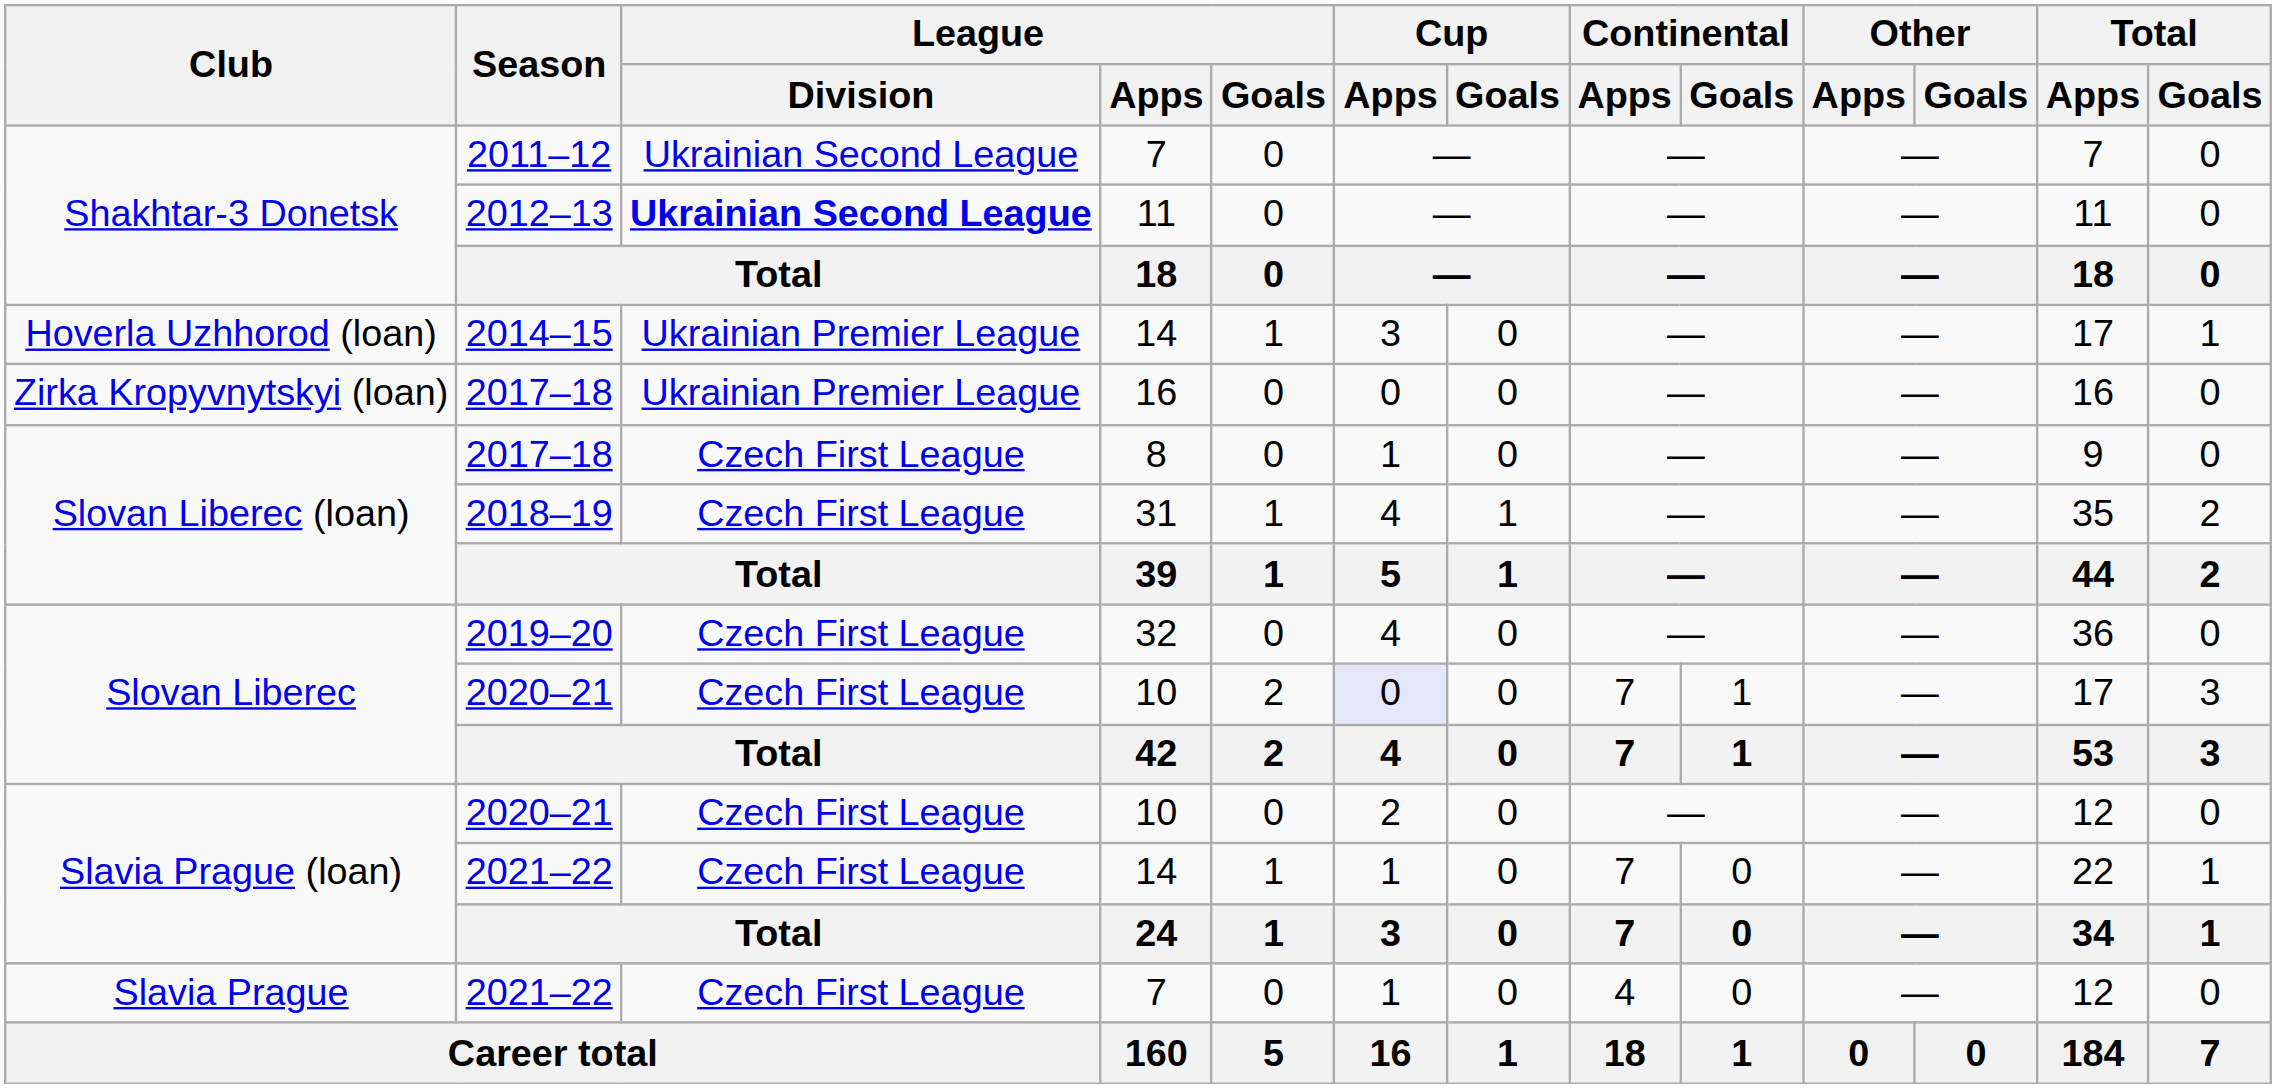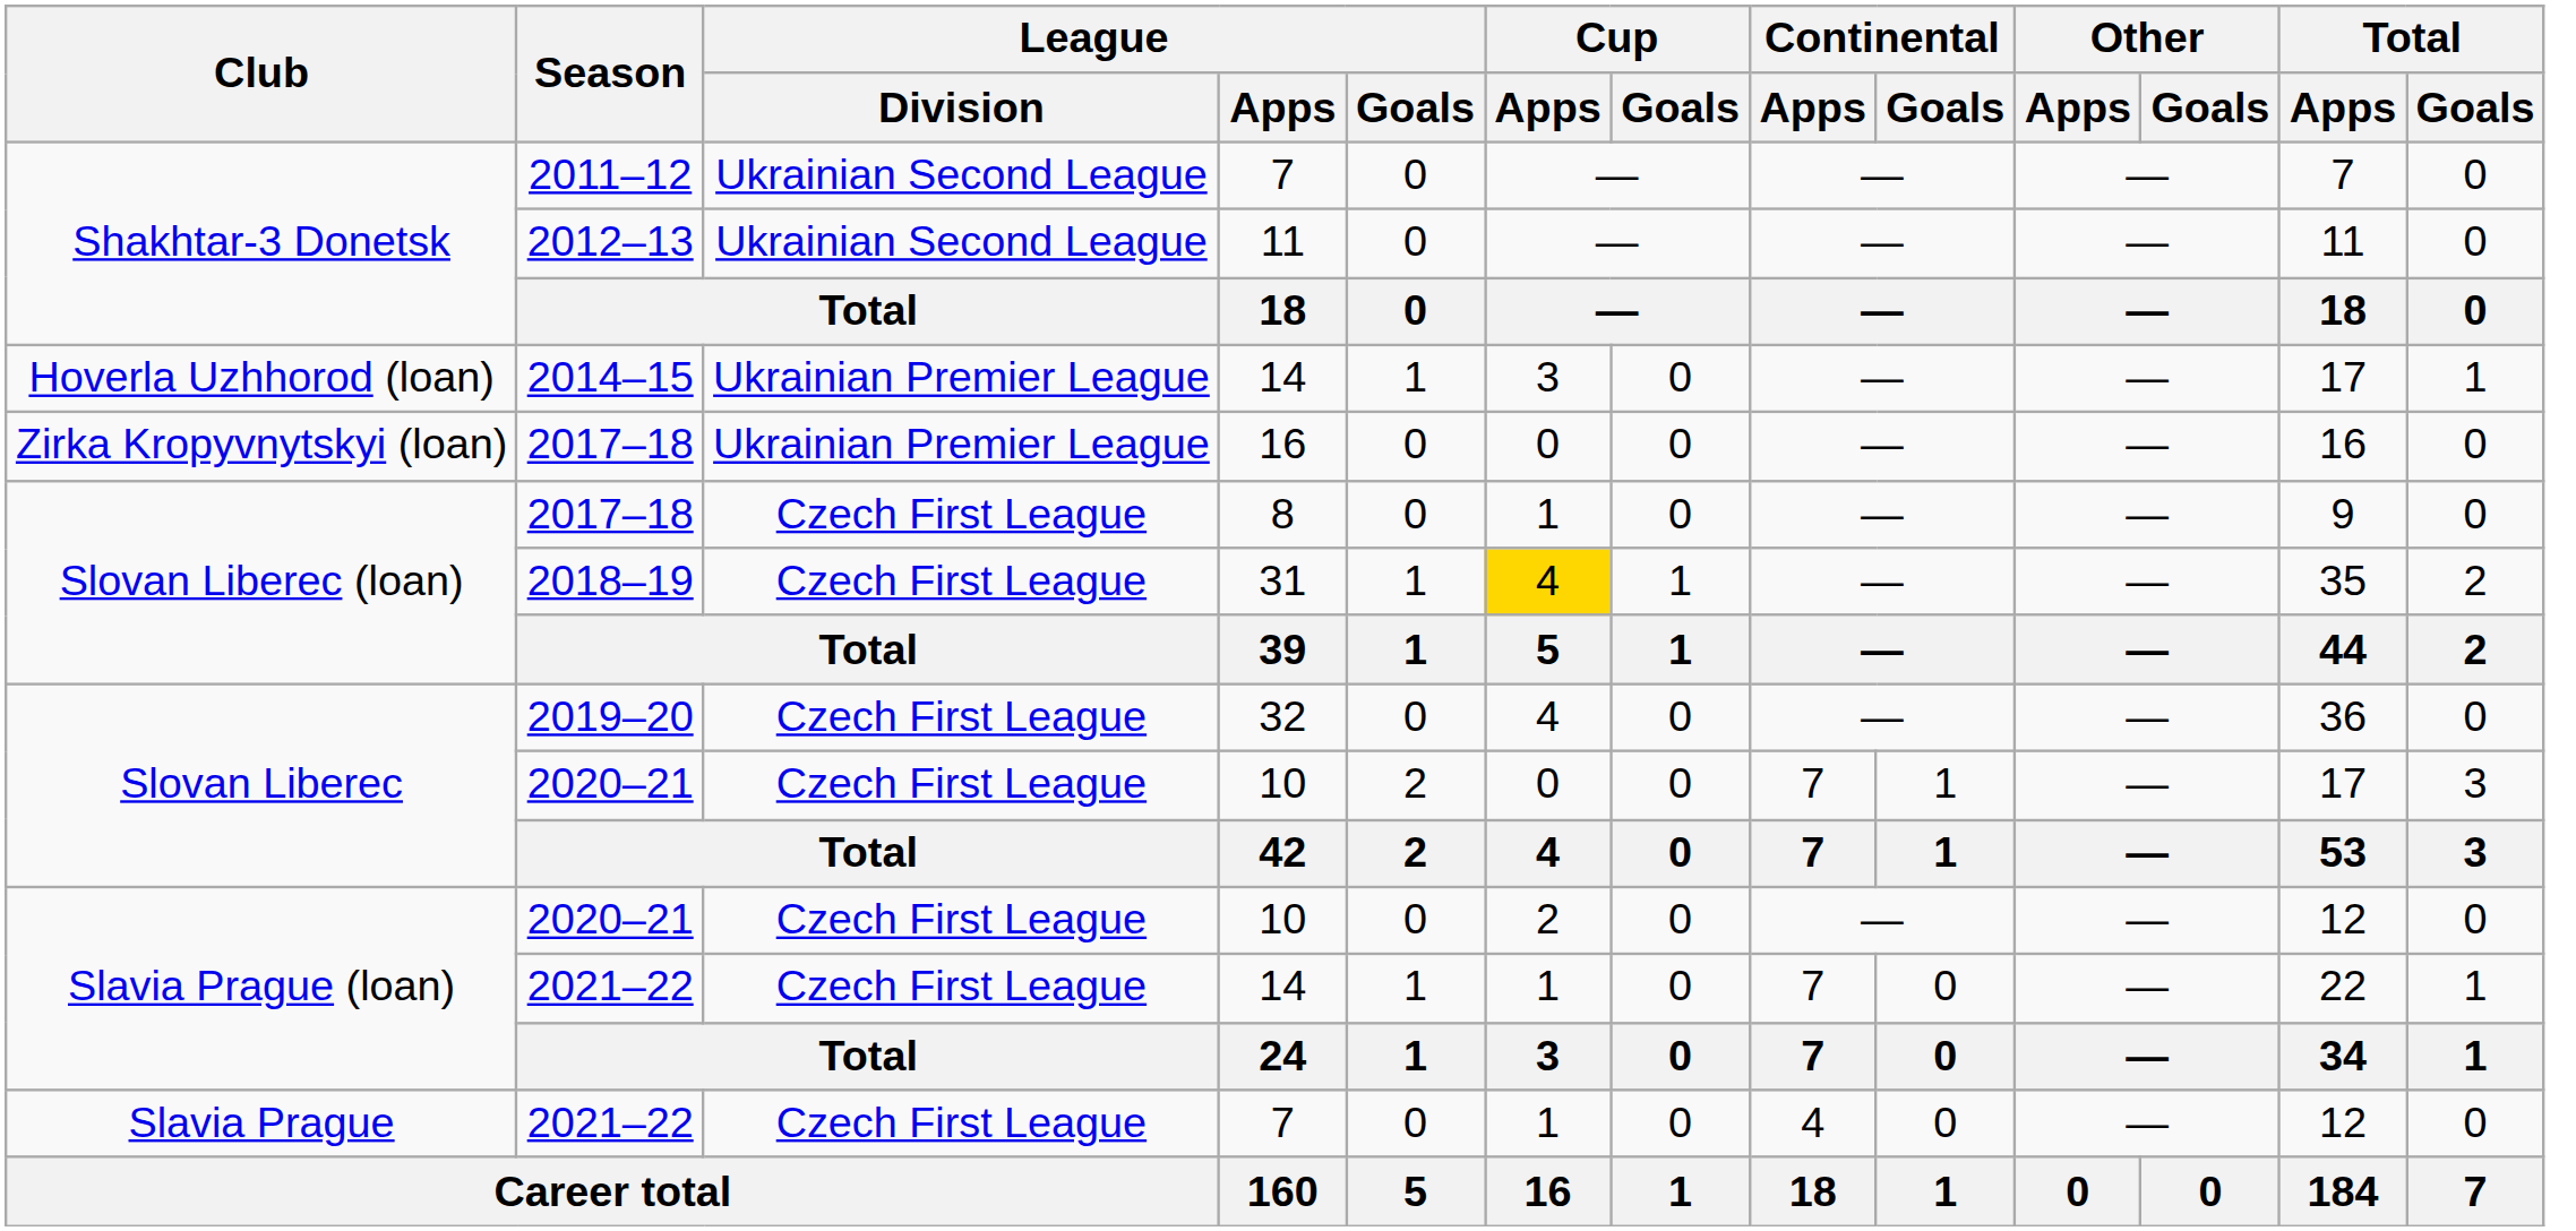 <table class="wikitable" style="text-align:center">
 <tr>
 <th rowspan=2>Club</th>
 <th rowspan=2>Season</th>
 <th colspan=3>League</th>
 <th colspan=2>Cup</th>
 <th colspan=2>Continental</th>
 <th colspan=2>Other</th>
 <th colspan=2>Total</th>
 </tr>
 <tr>
 <th>Division</th>
 <th>Apps</th>
 <th>Goals</th>
 <th>Apps</th>
 <th>Goals</th>
 <th>Apps</th>
 <th>Goals</th>
 <th>Apps</th>
 <th>Goals</th>
 <th>Apps</th>
 <th>Goals</th>
 </tr>
 <tr>
 <td rowspan="3"><a href='#'>Shakhtar-3 Donetsk</a></td>
 <td><a href='#'>2011–12</a></td>
 <td><a href='#'>Ukrainian Second League</a></td>
 <td>7</td>
 <td>0</td>
 <td colspan="2">—</td>
 <td colspan="2">—</td>
 <td colspan="2">—</td>
 <td>7</td>
 <td>0</td>
 </tr>
 <tr>
 <td><a href='#'>2012–13</a></td>
-<td><strong><a href='#'>Ukrainian Second League</a></strong></td>
+<td><a href='#'>Ukrainian Second League</a></td>
 <td>11</td>
 <td>0</td>
 <td colspan="2">—</td>
 <td colspan="2">—</td>
 <td colspan="2">—</td>
 <td>11</td>
 <td>0</td>
 </tr>
 <tr>
 <th colspan="2">Total</th>
 <th>18</th>
 <th>0</th>
 <th colspan="2">—</th>
 <th colspan="2">—</th>
 <th colspan="2">—</th>
 <th>18</th>
 <th>0</th>
 </tr>
 <tr>
 <td><a href='#'>Hoverla Uzhhorod</a> (loan)</td>
 <td><a href='#'>2014–15</a></td>
 <td><a href='#'>Ukrainian Premier League</a></td>
 <td>14</td>
 <td>1</td>
 <td>3</td>
 <td>0</td>
 <td colspan="2">—</td>
 <td colspan="2">—</td>
 <td>17</td>
 <td>1</td>
 </tr>
 <tr>
 <td><a href='#'>Zirka Kropyvnytskyi</a> (loan)</td>
 <td><a href='#'>2017–18</a></td>
 <td><a href='#'>Ukrainian Premier League</a></td>
 <td>16</td>
 <td>0</td>
 <td>0</td>
 <td>0</td>
 <td colspan="2">—</td>
 <td colspan="2">—</td>
 <td>16</td>
 <td>0</td>
 </tr>
 <tr>
 <td rowspan="3"><a href='#'>Slovan Liberec</a> (loan)</td>
 <td><a href='#'>2017–18</a></td>
 <td><a href='#'>Czech First League</a></td>
 <td>8</td>
 <td>0</td>
 <td>1</td>
 <td>0</td>
 <td colspan="2">—</td>
 <td colspan="2">—</td>
 <td>9</td>
 <td>0</td>
 </tr>
 <tr>
 <td><a href='#'>2018–19</a></td>
 <td><a href='#'>Czech First League</a></td>
 <td>31</td>
 <td>1</td>
-<td>4</td>
+<td style="background: gold;">4</td>
 <td>1</td>
 <td colspan="2">—</td>
 <td colspan="2">—</td>
 <td>35</td>
 <td>2</td>
 </tr>
 <tr>
 <th colspan="2">Total</th>
 <th>39</th>
 <th>1</th>
 <th>5</th>
 <th>1</th>
 <th colspan="2">—</th>
 <th colspan="2">—</th>
 <th>44</th>
 <th>2</th>
 </tr>
 <tr>
 <td rowspan="3"><a href='#'>Slovan Liberec</a></td>
 <td><a href='#'>2019–20</a></td>
 <td><a href='#'>Czech First League</a></td>
 <td>32</td>
 <td>0</td>
 <td>4</td>
 <td>0</td>
 <td colspan="2">—</td>
 <td colspan="2">—</td>
 <td>36</td>
 <td>0</td>
 </tr>
 <tr>
 <td><a href='#'>2020–21</a></td>
 <td><a href='#'>Czech First League</a></td>
 <td>10</td>
 <td>2</td>
-<td style="background: lavender;">0</td>
+<td>0</td>
 <td>0</td>
 <td>7</td>
 <td>1</td>
 <td colspan="2">—</td>
 <td>17</td>
 <td>3</td>
 </tr>
 <tr>
 <th colspan="2">Total</th>
 <th>42</th>
 <th>2</th>
 <th>4</th>
 <th>0</th>
 <th>7</th>
 <th>1</th>
 <th colspan="2">—</th>
 <th>53</th>
 <th>3</th>
 </tr>
 <tr>
 <td rowspan="3"><a href='#'>Slavia Prague</a> (loan)</td>
 <td><a href='#'>2020–21</a></td>
 <td><a href='#'>Czech First League</a></td>
 <td>10</td>
 <td>0</td>
 <td>2</td>
 <td>0</td>
 <td colspan="2">—</td>
 <td colspan="2">—</td>
 <td>12</td>
 <td>0</td>
 </tr>
 <tr>
 <td><a href='#'>2021–22</a></td>
 <td><a href='#'>Czech First League</a></td>
 <td>14</td>
 <td>1</td>
 <td>1</td>
 <td>0</td>
 <td>7</td>
 <td>0</td>
 <td colspan="2">—</td>
 <td>22</td>
 <td>1</td>
 </tr>
 <tr>
 <th colspan="2">Total</th>
 <th>24</th>
 <th>1</th>
 <th>3</th>
 <th>0</th>
 <th>7</th>
 <th>0</th>
 <th colspan="2">—</th>
 <th>34</th>
 <th>1</th>
 </tr>
 <tr>
 <td><a href='#'>Slavia Prague</a></td>
 <td><a href='#'>2021–22</a></td>
 <td><a href='#'>Czech First League</a></td>
 <td>7</td>
 <td>0</td>
 <td>1</td>
 <td>0</td>
 <td>4</td>
 <td>0</td>
 <td colspan="2">—</td>
 <td>12</td>
 <td>0</td>
 </tr>
 <tr>
 <th colspan="3">Career total</th>
 <th>160</th>
 <th>5</th>
 <th>16</th>
 <th>1</th>
 <th>18</th>
 <th>1</th>
 <th>0</th>
 <th>0</th>
 <th>184</th>
 <th>7</th>
 </tr>
 </table>
